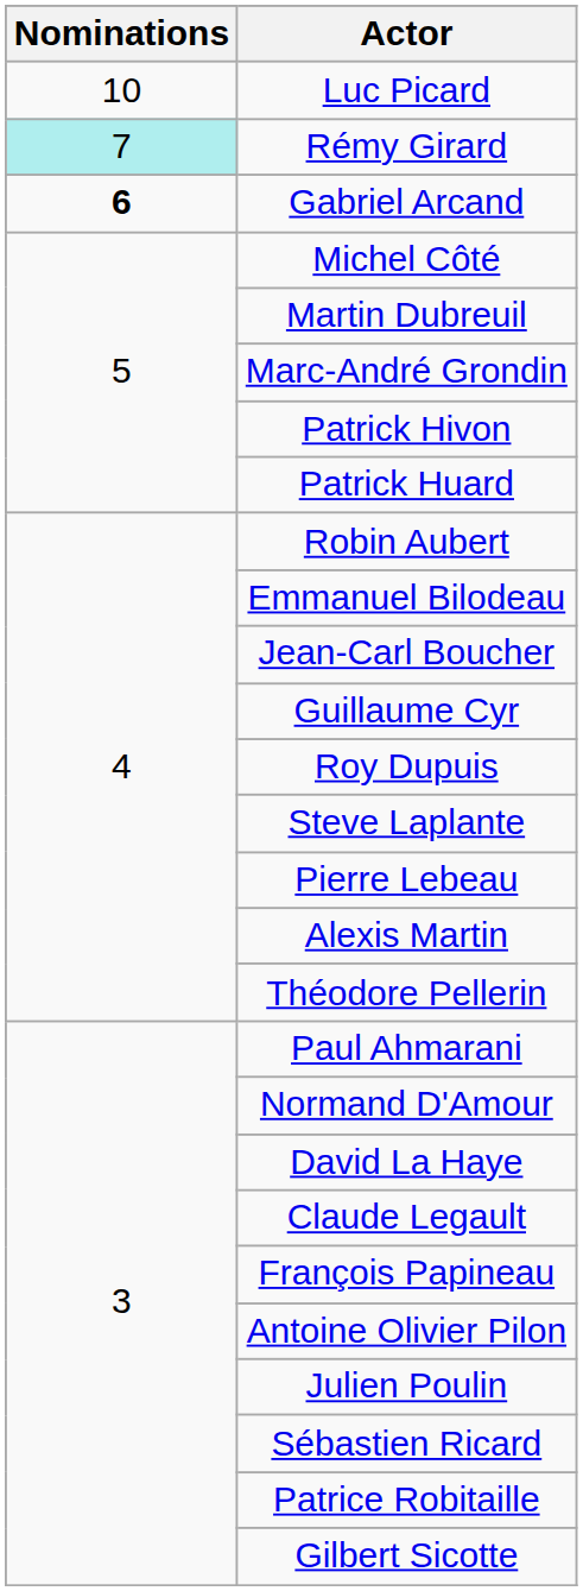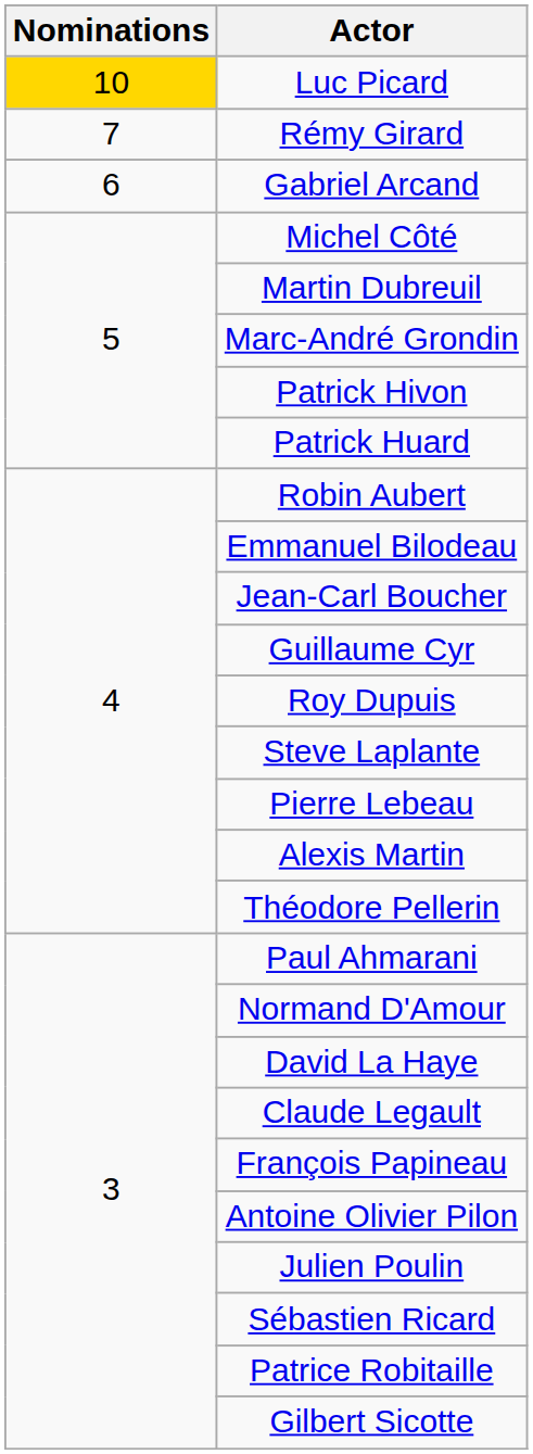 <table class="wikitable" style="text-align:center;">
 <tr>
 <th scope="col" width="13">Nominations</th>
 <th scope="col" align="center">Actor</th>
 </tr>
 <tr>
-<td rowspan="1" style="text-align:center;">10</td>
+<td rowspan="1" style="background: gold; text-align:center;">10</td>
 <td><a href='#'>Luc Picard</a></td>
 </tr>
 <tr>
-<td rowspan="1" style="background: paleturquoise; text-align:center;">7</td>
+<td rowspan="1" style="text-align:center;">7</td>
 <td><a href='#'>Rémy Girard</a></td>
 </tr>
 <tr>
-<td rowspan="1" style="text-align:center;"><strong>6</strong></td>
+<td rowspan="1" style="text-align:center;">6</td>
 <td><a href='#'>Gabriel Arcand</a></td>
 </tr>
 <tr>
 <td rowspan="5" style="text-align:center;">5</td>
 <td><a href='#'>Michel Côté</a></td>
 </tr>
 <tr>
 <td><a href='#'>Martin Dubreuil</a></td>
 </tr>
 <tr>
 <td><a href='#'>Marc-André Grondin</a></td>
 </tr>
 <tr>
 <td><a href='#'>Patrick Hivon</a></td>
 </tr>
 <tr>
 <td><a href='#'>Patrick Huard</a></td>
 </tr>
 <tr>
 <td rowspan="9" style="text-align:center;">4</td>
 <td><a href='#'>Robin Aubert</a></td>
 </tr>
 <tr>
 <td><a href='#'>Emmanuel Bilodeau</a></td>
 </tr>
 <tr>
 <td><a href='#'>Jean-Carl Boucher</a></td>
 </tr>
 <tr>
 <td><a href='#'>Guillaume Cyr</a></td>
 </tr>
 <tr>
 <td><a href='#'>Roy Dupuis</a></td>
 </tr>
 <tr>
 <td><a href='#'>Steve Laplante</a></td>
 </tr>
 <tr>
 <td><a href='#'>Pierre Lebeau</a></td>
 </tr>
 <tr>
 <td><a href='#'>Alexis Martin</a></td>
 </tr>
 <tr>
 <td><a href='#'>Théodore Pellerin</a></td>
 </tr>
 <tr>
 <td rowspan="10" style="text-align:center;">3</td>
 <td><a href='#'>Paul Ahmarani</a></td>
 </tr>
 <tr>
 <td><a href='#'>Normand D'Amour</a></td>
 </tr>
 <tr>
 <td><a href='#'>David La Haye</a></td>
 </tr>
 <tr>
 <td><a href='#'>Claude Legault</a></td>
 </tr>
 <tr>
 <td><a href='#'>François Papineau</a></td>
 </tr>
 <tr>
 <td><a href='#'>Antoine Olivier Pilon</a></td>
 </tr>
 <tr>
 <td><a href='#'>Julien Poulin</a></td>
 </tr>
 <tr>
 <td><a href='#'>Sébastien Ricard</a></td>
 </tr>
 <tr>
 <td><a href='#'>Patrice Robitaille</a></td>
 </tr>
 <tr>
 <td><a href='#'>Gilbert Sicotte</a></td>
 </tr>
 <tr>
 </tr>
 </table>
